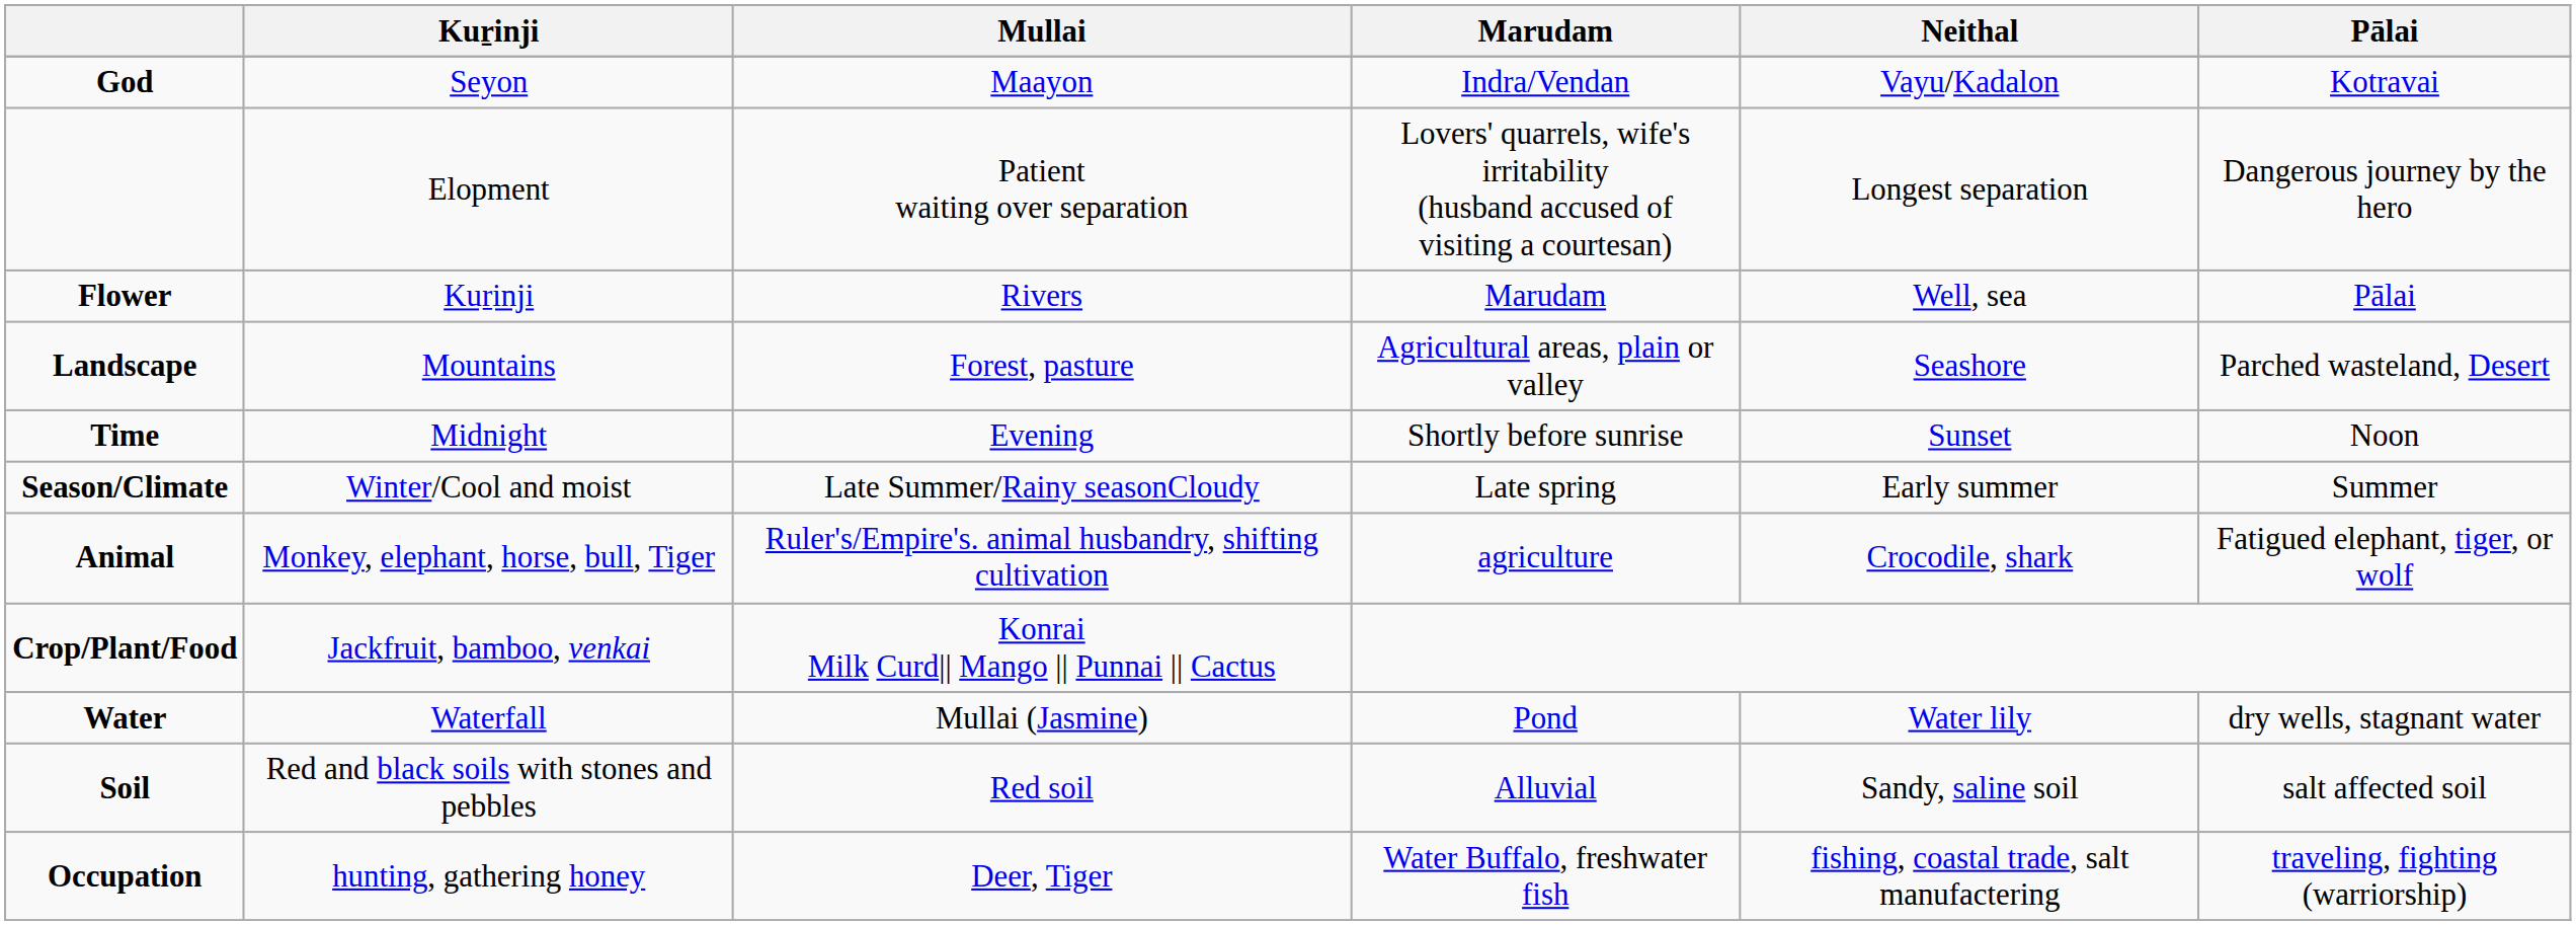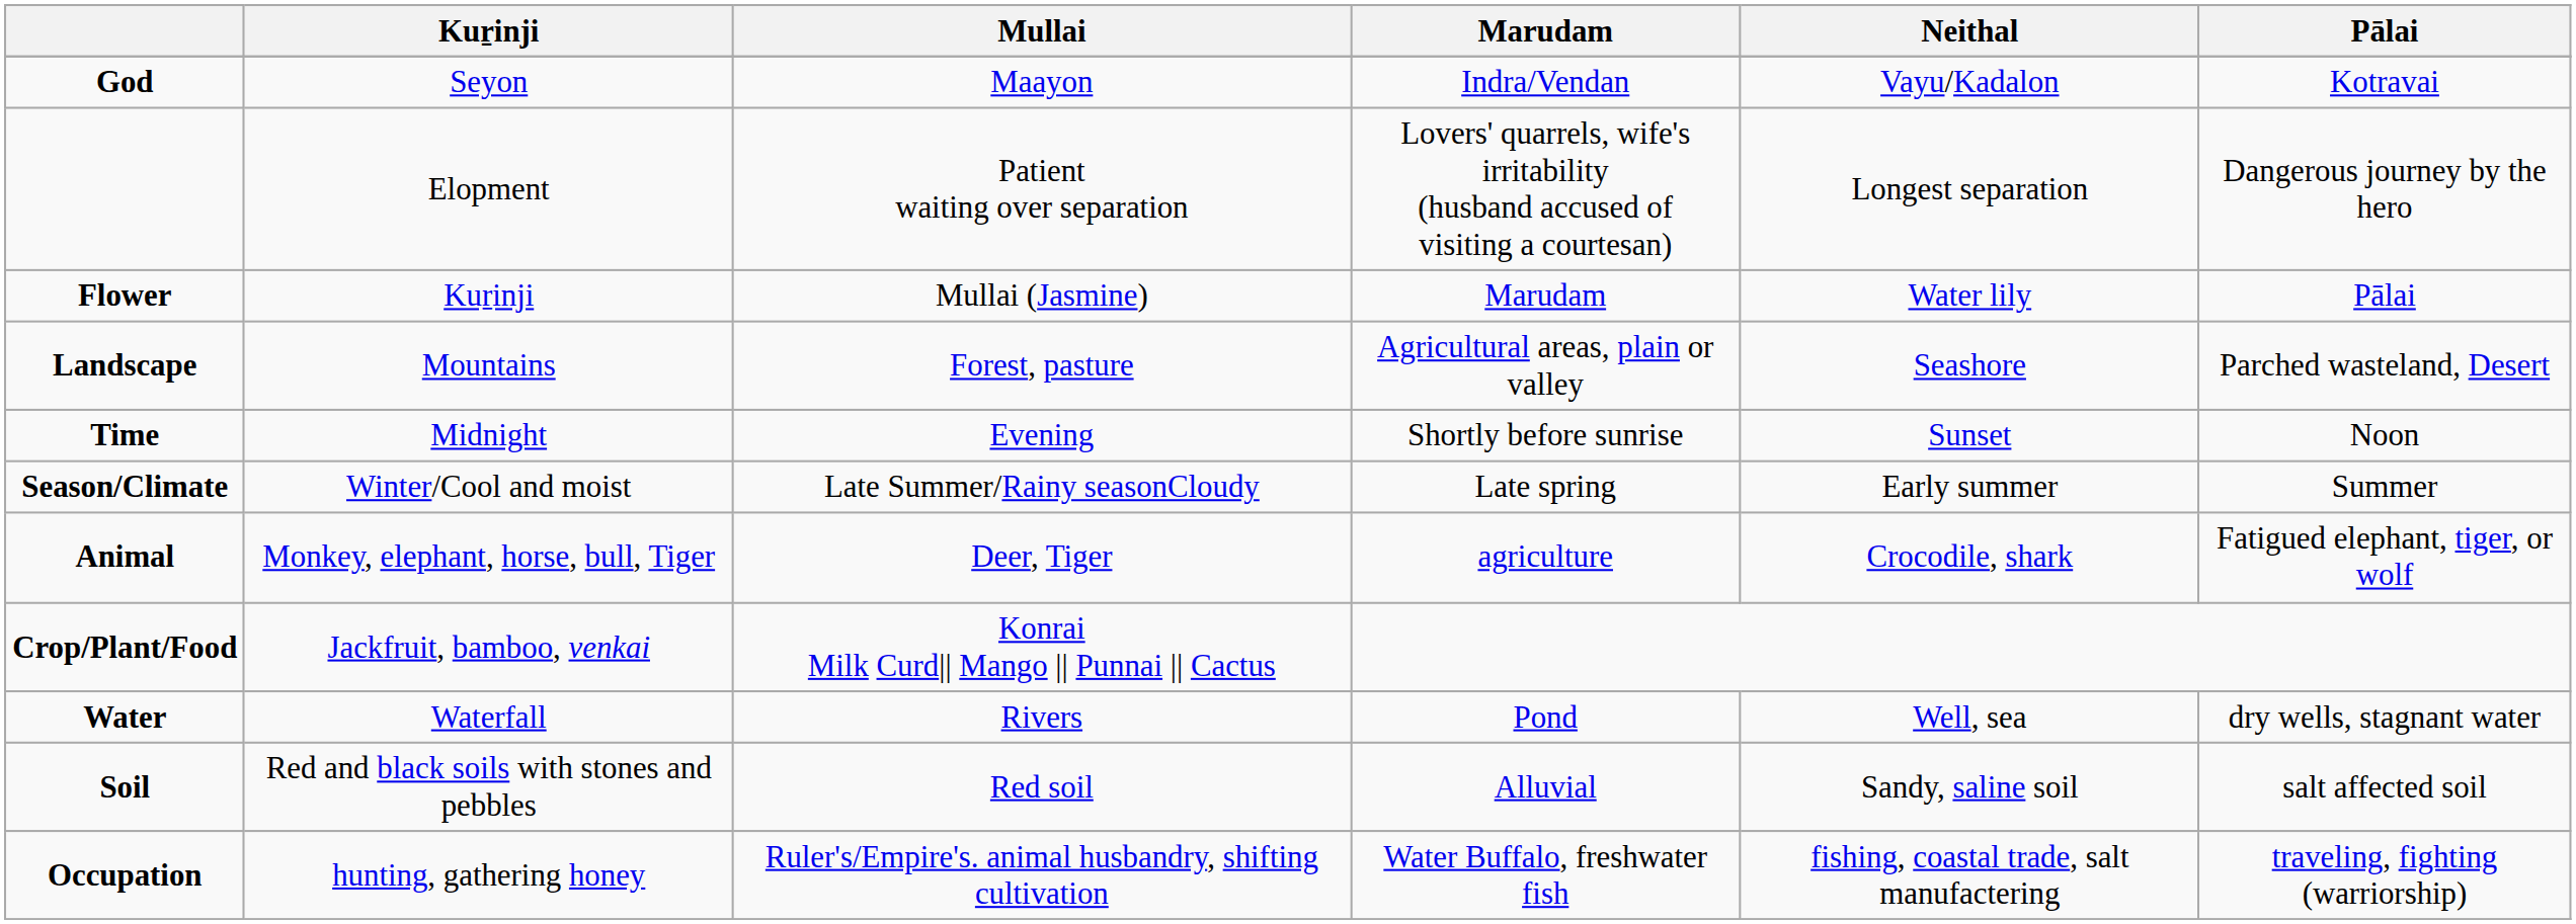 <table class="wikitable" style="text-align:center; font-size: 95%;">
 <tr bgcolor ="#ebebeb">
 <th> </th>
 <th>Kuṟinji</th>
 <th>Mullai</th>
 <th>Marudam</th>
 <th>Neithal</th>
 <th>Pālai</th>
 </tr>
 <tr valign="top">
 </tr>
 <tr bgcolor ="#ffffff">
 </tr>
 <tr>
 <td><strong>God</strong></td>
 <td><a href='#'>Seyon</a></td>
 <td><a href='#'>Maayon</a></td>
 <td><a href='#'>Indra/Vendan</a></td>
 <td><a href='#'>Vayu</a>/<a href='#'>Kadalon</a></td>
 <td><a href='#'>Kotravai</a></td>
 </tr>
 <tr>
 <td></td>
 <td>Elopment</td>
 <td>Patient<br> waiting over separation</td>
 <td>Lovers' quarrels, wife's irritability<br>(husband accused of<br>visiting a courtesan)</td>
 <td>Longest separation</td>
 <td>Dangerous journey by the hero</td>
 </tr>
 <tr>
 <td><strong>Flower</strong></td>
 <td><a href='#'>Kuṟinji</a></td>
-<td><a href='#'>Rivers</a></td>
+<td>Mullai (<a href='#'>Jasmine</a>)</td>
 <td><a href='#'>Marudam</a></td>
-<td><a href='#'>Well</a>, sea</td>
+<td><a href='#'>Water lily</a></td>
 <td><a href='#'>Pālai</a></td>
 </tr>
 <tr>
 <td><strong>Landscape</strong></td>
 <td><a href='#'>Mountains</a></td>
 <td><a href='#'>Forest</a>, <a href='#'>pasture</a></td>
 <td><a href='#'>Agricultural</a> areas, <a href='#'>plain</a> or valley</td>
 <td><a href='#'>Seashore</a></td>
 <td>Parched wasteland, <a href='#'>Desert</a></td>
 </tr>
 <tr>
 <td><strong>Time</strong></td>
 <td><a href='#'>Midnight</a></td>
 <td><a href='#'>Evening</a></td>
 <td>Shortly before sunrise</td>
 <td><a href='#'>Sunset</a></td>
 <td>Noon</td>
 </tr>
 <tr>
 <td><strong>Season/Climate</strong></td>
 <td><a href='#'>Winter</a>/Cool and moist</td>
 <td>Late Summer/<a href='#'>Rainy seasonCloudy</a></td>
 <td>Late spring</td>
 <td>Early summer</td>
 <td>Summer</td>
 </tr>
 <tr>
 <td><strong>Animal</strong></td>
 <td><a href='#'>Monkey</a>, <a href='#'>elephant</a>, <a href='#'>horse</a>, <a href='#'>bull</a>, <a href='#'>Tiger</a></td>
-<td><a href='#'>Ruler's/Empire's. animal husbandry</a>, <a href='#'>shifting cultivation</a></td>
+<td><a href='#'>Deer</a>, <a href='#'>Tiger</a></td>
 <td><a href='#'>agriculture</a></td>
 <td><a href='#'>Crocodile</a>, <a href='#'>shark</a></td>
 <td>Fatigued elephant, <a href='#'>tiger</a>, or <a href='#'>wolf</a></td>
 </tr>
 <tr>
 <td><strong>Crop/Plant/Food</strong></td>
 <td><a href='#'>Jackfruit</a>, <a href='#'>bamboo</a>, <em><a href='#'>venkai</a></em></td>
 <td><a href='#'>Konrai</a><br><a href='#'>Milk</a> <a href='#'>Curd</a>|| <a href='#'>Mango</a> || <a href='#'>Punnai</a> || <a href='#'>Cactus</a></td>
 </tr>
 <tr>
 <td><strong>Water</strong></td>
 <td><a href='#'>Waterfall</a></td>
-<td>Mullai (<a href='#'>Jasmine</a>)</td>
+<td><a href='#'>Rivers</a></td>
 <td><a href='#'>Pond</a></td>
-<td><a href='#'>Water lily</a></td>
+<td><a href='#'>Well</a>, sea</td>
 <td>dry wells, stagnant water</td>
 </tr>
 <tr>
 <td><strong>Soil</strong></td>
 <td>Red and <a href='#'>black soils</a> with stones and pebbles</td>
 <td><a href='#'>Red soil</a></td>
 <td><a href='#'>Alluvial</a></td>
 <td>Sandy, <a href='#'>saline</a> soil</td>
 <td>salt affected soil</td>
 </tr>
 <tr>
 <td><strong>Occupation</strong></td>
 <td><a href='#'>hunting</a>, gathering <a href='#'>honey</a></td>
-<td><a href='#'>Deer</a>, <a href='#'>Tiger</a></td>
+<td><a href='#'>Ruler's/Empire's. animal husbandry</a>, <a href='#'>shifting cultivation</a></td>
 <td><a href='#'>Water Buffalo</a>, freshwater <a href='#'>fish</a></td>
 <td><a href='#'>fishing</a>, <a href='#'>coastal trade</a>, salt manufactering</td>
 <td><a href='#'>traveling</a>, <a href='#'>fighting</a> (warriorship)</td>
 </tr>
 <tr>
 </tr>
 </table>
